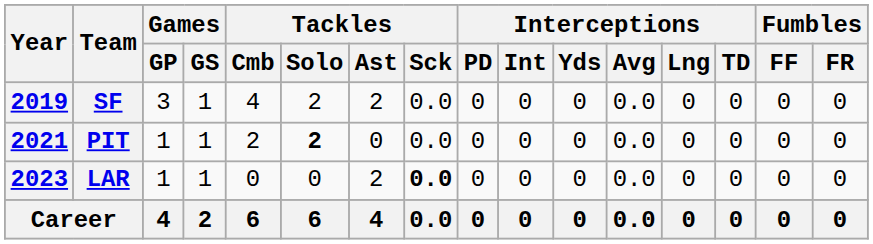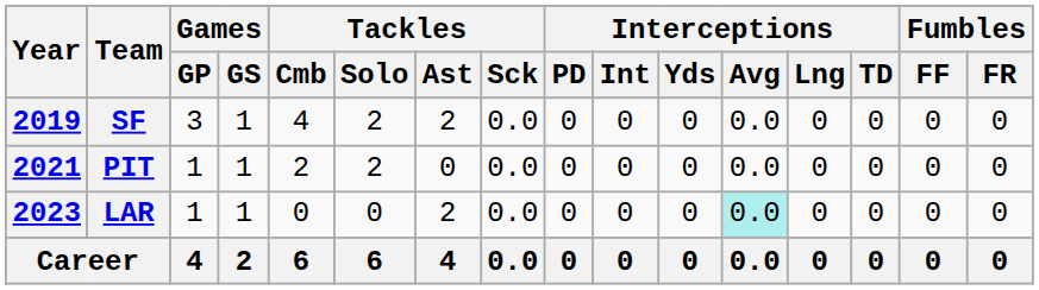 <table class="wikitable" style="text-align: center;">
 <tr>
 <th rowspan="2">Year</th>
 <th rowspan="2">Team</th>
 <th colspan="2">Games</th>
 <th colspan="4">Tackles</th>
 <th colspan="6">Interceptions</th>
 <th colspan="2">Fumbles</th>
 </tr>
 <tr>
 <th>GP</th>
 <th>GS</th>
 <th>Cmb</th>
 <th>Solo</th>
 <th>Ast</th>
 <th>Sck</th>
 <th>PD</th>
 <th>Int</th>
 <th>Yds</th>
 <th>Avg</th>
 <th>Lng</th>
 <th>TD</th>
 <th>FF</th>
 <th>FR</th>
 </tr>
 <tr>
 <th><a href='#'>2019</a></th>
 <th><a href='#'>SF</a></th>
 <td>3</td>
 <td>1</td>
 <td>4</td>
 <td>2</td>
 <td>2</td>
 <td>0.0</td>
 <td>0</td>
 <td>0</td>
 <td>0</td>
 <td>0.0</td>
 <td>0</td>
 <td>0</td>
 <td>0</td>
 <td>0</td>
 </tr>
 <tr>
 <th><a href='#'>2021</a></th>
 <th><a href='#'>PIT</a></th>
 <td>1</td>
 <td>1</td>
 <td>2</td>
-<td><strong>2</strong></td>
+<td>2</td>
 <td>0</td>
 <td>0.0</td>
 <td>0</td>
 <td>0</td>
 <td>0</td>
 <td>0.0</td>
 <td>0</td>
 <td>0</td>
 <td>0</td>
 <td>0</td>
 </tr>
 <tr>
 <th><a href='#'>2023</a></th>
 <th><a href='#'>LAR</a></th>
 <td>1</td>
 <td>1</td>
 <td>0</td>
 <td>0</td>
 <td>2</td>
-<td><strong>0.0</strong></td>
+<td>0.0</td>
 <td>0</td>
 <td>0</td>
 <td>0</td>
-<td>0.0</td>
+<td style="background: paleturquoise;">0.0</td>
 <td>0</td>
 <td>0</td>
 <td>0</td>
 <td>0</td>
 </tr>
 <tr>
 <th colspan="2">Career</th>
 <th>4</th>
 <th>2</th>
 <th>6</th>
 <th>6</th>
 <th>4</th>
 <th>0.0</th>
 <th>0</th>
 <th>0</th>
 <th>0</th>
 <th>0.0</th>
 <th>0</th>
 <th>0</th>
 <th>0</th>
 <th>0</th>
 </tr>
 </table>
